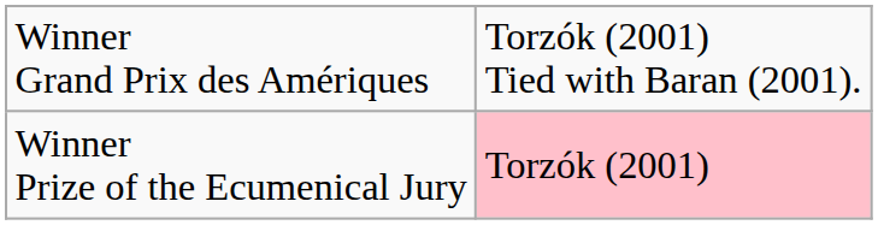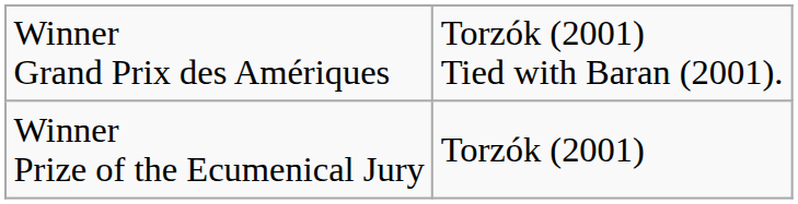 <table class="wikitable">
 <tr>
 <td rowspan="1">Winner<br>Grand Prix des Amériques</td>
 <td>Torzók (2001)<br>Tied with Baran (2001).</td>
 </tr>
 <tr>
 <td rowspan="1">Winner<br>Prize of the Ecumenical Jury</td>
-<td style="background: pink;">Torzók (2001)</td>
+<td>Torzók (2001)</td>
 </tr>
 </table>
